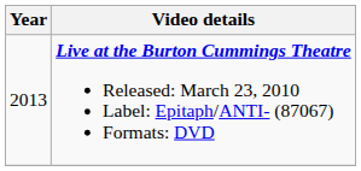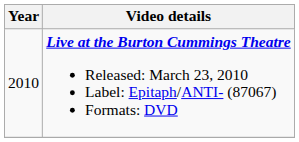 <table class ="wikitable">
 <tr>
 <th>Year</th>
 <th>Video details</th>
 </tr>
 <tr>
-<td>2013</td>
+<td>2010</td>
 <td><strong><em><a href='#'>Live at the Burton Cummings Theatre</a></em></strong><br><ul><li>Released: March 23, 2010</li><li>Label: <a href='#'>Epitaph</a>/<a href='#'>ANTI-</a> (87067)</li><li>Formats: <a href='#'>DVD</a></li></ul></td>
 </tr>
 <tr>
 </tr>
 </table>
